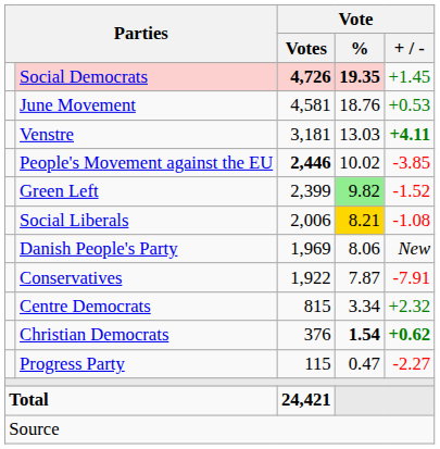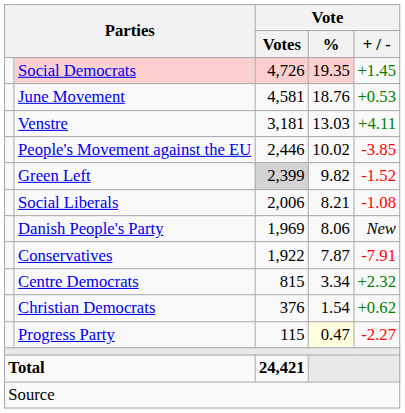 <table class="wikitable" style="text-align:right;">
 <tr>
 <th style="text-align:centre;" rowspan="2" colspan="2" width="225">Parties</th>
 <th colspan="3">Vote</th>
 </tr>
 <tr>
 <th width="15">Votes</th>
 <th width="15">%</th>
 <th width="15">+ / -</th>
 </tr>
 <tr>
 <td width="2" style="color:inherit;background:"></td>
 <td bgcolor=#fbd0ce   align="left"><a href='#'>Social Democrats</a></td>
-<td bgcolor=#fbd0ce><strong>4,726</strong></td>
-<td bgcolor=#fbd0ce><strong>19.35</strong></td>
+<td bgcolor=#fbd0ce>4,726</td>
+<td bgcolor=#fbd0ce>19.35</td>
 <td style=color:green;>+1.45</td>
 </tr>
 <tr>
 <td width="2" style="color:inherit;background:"></td>
 <td align="left"><a href='#'>June Movement</a></td>
 <td>4,581</td>
 <td>18.76</td>
 <td style=color:green;>+0.53</td>
 </tr>
 <tr>
 <td width="2" style="color:inherit;background:"></td>
 <td align="left"><a href='#'>Venstre</a></td>
 <td>3,181</td>
 <td>13.03</td>
-<td style=color:green;><strong>+4.11</strong></td>
+<td style=color:green;>+4.11</td>
 </tr>
 <tr>
 <td width="2" style="color:inherit;background:"></td>
 <td align="left"><a href='#'>People's Movement against the EU</a></td>
-<td><strong>2,446</strong></td>
+<td>2,446</td>
 <td>10.02</td>
 <td style=color:red;>-3.85</td>
 </tr>
 <tr>
 <td width="2" style="color:inherit;background:"></td>
 <td align="left"><a href='#'>Green Left</a></td>
-<td>2,399</td>
-<td style="background: lightgreen;">9.82</td>
+<td style="background: lightgrey;">2,399</td>
+<td>9.82</td>
 <td style=color:red;>-1.52</td>
 </tr>
 <tr>
 <td width="2" style="color:inherit;background:"></td>
 <td align="left"><a href='#'>Social Liberals</a></td>
 <td>2,006</td>
-<td style="background: gold;">8.21</td>
+<td>8.21</td>
 <td style=color:red;>-1.08</td>
 </tr>
 <tr>
 <td width="2" style="color:inherit;background:"></td>
 <td align="left"><a href='#'>Danish People's Party</a></td>
 <td>1,969</td>
 <td>8.06</td>
 <td><em>New</em></td>
 </tr>
 <tr>
 <td width="2" style="color:inherit;background:"></td>
 <td align="left"><a href='#'>Conservatives</a></td>
 <td>1,922</td>
 <td>7.87</td>
 <td style=color:red;>-7.91</td>
 </tr>
 <tr>
 <td width="2" style="color:inherit;background:"></td>
 <td align="left"><a href='#'>Centre Democrats</a></td>
 <td>815</td>
 <td>3.34</td>
 <td style=color:green;>+2.32</td>
 </tr>
 <tr>
 <td width="2" style="color:inherit;background:"></td>
 <td align="left"><a href='#'>Christian Democrats</a></td>
 <td>376</td>
-<td><strong>1.54</strong></td>
-<td style=color:green;><strong>+0.62</strong></td>
+<td>1.54</td>
+<td style=color:green;>+0.62</td>
 </tr>
 <tr>
 <td width="2" style="color:inherit;background:"></td>
 <td align="left"><a href='#'>Progress Party</a></td>
 <td>115</td>
-<td>0.47</td>
+<td style="background: lightyellow;">0.47</td>
 <td style=color:red;>-2.27</td>
 </tr>
 <tr>
 <td colspan="7" bgcolor="#E9E9E9"></td>
 </tr>
 <tr>
 <td align="left" colspan="2"><strong>Total</strong></td>
 <td><strong>24,421</strong></td>
 <td bgcolor="#E9E9E9" colspan="2"></td>
 </tr>
 <tr>
 <td align="left" colspan="6">Source</td>
 </tr>
 </table>
